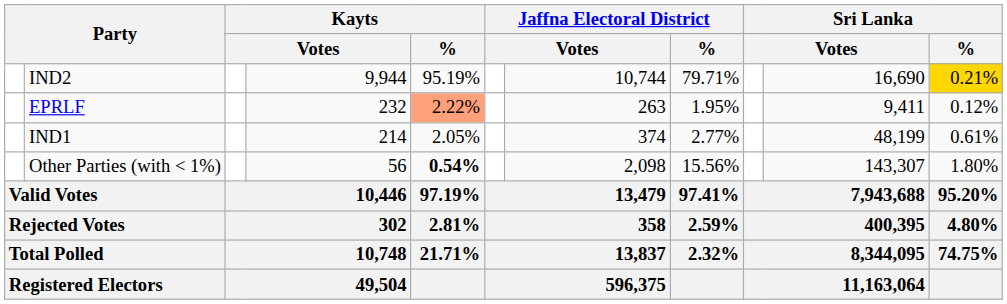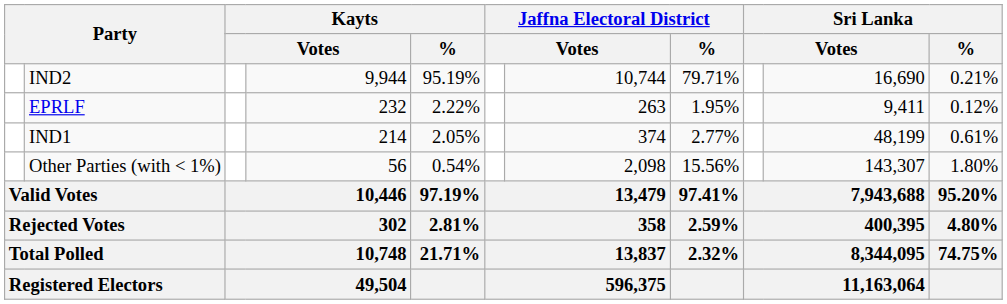 <table class="wikitable">
 <tr>
 <th colspan="2" width="144px"rowspan="2">Party</th>
 <th colspan="3" width="216px">Kayts</th>
 <th colspan="3" width="216px"><a href='#'>Jaffna Electoral District</a></th>
 <th colspan="3" width="216px">Sri Lanka</th>
 </tr>
 <tr>
 <th colspan="2" width="144px">Votes</th>
 <th>%</th>
 <th colspan="2" width="144px">Votes</th>
 <th>%</th>
 <th colspan="2" width="144px">Votes</th>
 <th>%</th>
 </tr>
 <tr>
 <td style="background-color:white;" width="10px"></td>
 <td style="text-align:left;">IND2</td>
 <td style="background-color:white;" width="10px"></td>
 <td style="text-align:right;">9,944</td>
 <td style="text-align:right;">95.19%</td>
 <td style="background-color:white;" width="10px"></td>
 <td style="text-align:right;">10,744</td>
 <td style="text-align:right;">79.71%</td>
 <td style="background-color:white;" width="10px"></td>
 <td style="text-align:right;">16,690</td>
-<td style="background: gold; text-align:right;">0.21%</td>
+<td style="text-align:right;">0.21%</td>
 </tr>
 <tr>
 <td style="background-color:white;" width="10px"></td>
 <td style="text-align:left;"><a href='#'>EPRLF</a></td>
 <td style="background-color:white;" width="10px"></td>
 <td style="text-align:right;">232</td>
-<td style="background: lightsalmon; text-align:right;">2.22%</td>
+<td style="text-align:right;">2.22%</td>
 <td style="background-color:white;" width="10px"></td>
 <td style="text-align:right;">263</td>
 <td style="text-align:right;">1.95%</td>
 <td style="background-color:white;" width="10px"></td>
 <td style="text-align:right;">9,411</td>
 <td style="text-align:right;">0.12%</td>
 </tr>
 <tr>
 <td style="background-color:white;" width="10px"></td>
 <td style="text-align:left;">IND1</td>
 <td style="background-color:white;" width="10px"></td>
 <td style="text-align:right;">214</td>
 <td style="text-align:right;">2.05%</td>
 <td style="background-color:white;" width="10px"></td>
 <td style="text-align:right;">374</td>
 <td style="text-align:right;">2.77%</td>
 <td style="background-color:white;" width="10px"></td>
 <td style="text-align:right;">48,199</td>
 <td style="text-align:right;">0.61%</td>
 </tr>
 <tr>
 <td style="background-color:white;" width="10px"></td>
 <td style="text-align:left;">Other Parties (with < 1%)</td>
 <td style="background-color:white;" width="10px"></td>
 <td style="text-align:right;">56</td>
-<td style="text-align:right;"><strong>0.54%</strong></td>
+<td style="text-align:right;">0.54%</td>
 <td style="background-color:white;" width="10px"></td>
 <td style="text-align:right;">2,098</td>
 <td style="text-align:right;">15.56%</td>
 <td style="background-color:white;" width="10px"></td>
 <td style="text-align:right;">143,307</td>
 <td style="text-align:right;">1.80%</td>
 </tr>
 <tr>
 <th colspan="2" width="144px"style="text-align:left;">Valid Votes</th>
 <th style="text-align:right;"colspan="2" width="144px">10,446</th>
 <th style="text-align:right;">97.19%</th>
 <th style="text-align:right;"colspan="2" width="144px">13,479</th>
 <th style="text-align:right;">97.41%</th>
 <th style="text-align:right;"colspan="2" width="144px">7,943,688</th>
 <th style="text-align:right;">95.20%</th>
 </tr>
 <tr>
 <th colspan="2" width="144px"style="text-align:left;">Rejected Votes</th>
 <th style="text-align:right;"colspan="2" width="144px">302</th>
 <th style="text-align:right;">2.81%</th>
 <th style="text-align:right;"colspan="2" width="144px">358</th>
 <th style="text-align:right;">2.59%</th>
 <th style="text-align:right;"colspan="2" width="144px">400,395</th>
 <th style="text-align:right;">4.80%</th>
 </tr>
 <tr>
 <th colspan="2" width="144px"style="text-align:left;">Total Polled</th>
 <th style="text-align:right;"colspan="2" width="144px">10,748</th>
 <th style="text-align:right;">21.71%</th>
 <th style="text-align:right;"colspan="2" width="144px">13,837</th>
 <th style="text-align:right;">2.32%</th>
 <th style="text-align:right;"colspan="2" width="144px">8,344,095</th>
 <th style="text-align:right;">74.75%</th>
 </tr>
 <tr>
 <th colspan="2" width="144px"style="text-align:left;">Registered Electors</th>
 <th style="text-align:right;"colspan="2" width="144px">49,504</th>
 <th></th>
 <th style="text-align:right;"colspan="2" width="144px">596,375</th>
 <th></th>
 <th style="text-align:right;"colspan="2" width="144px">11,163,064</th>
 <th></th>
 </tr>
 </table>
